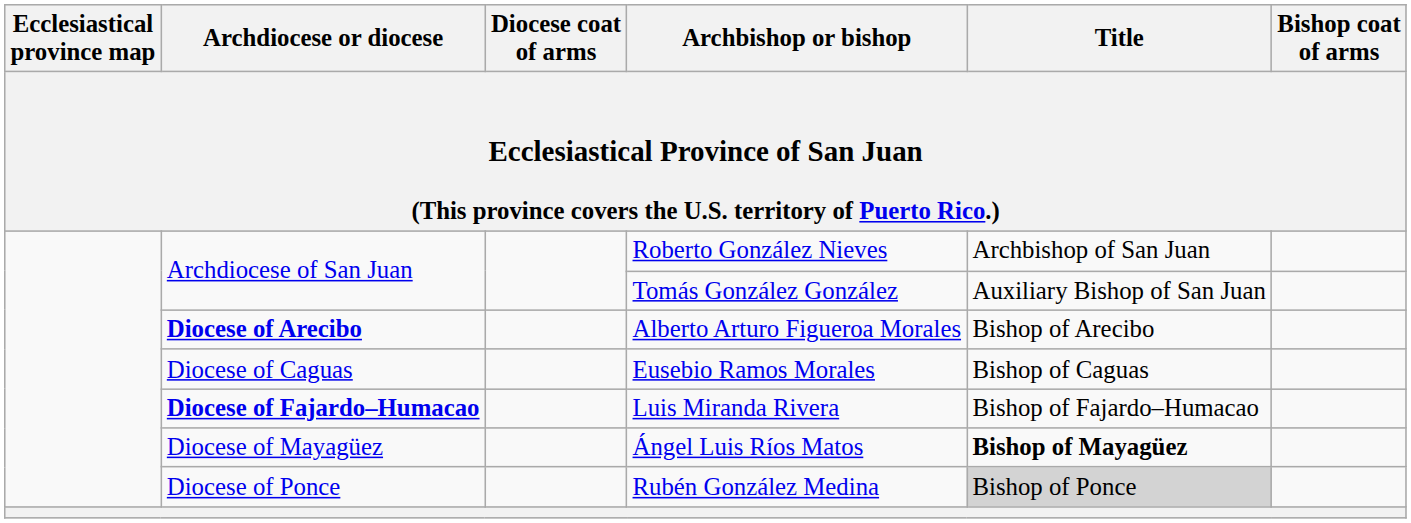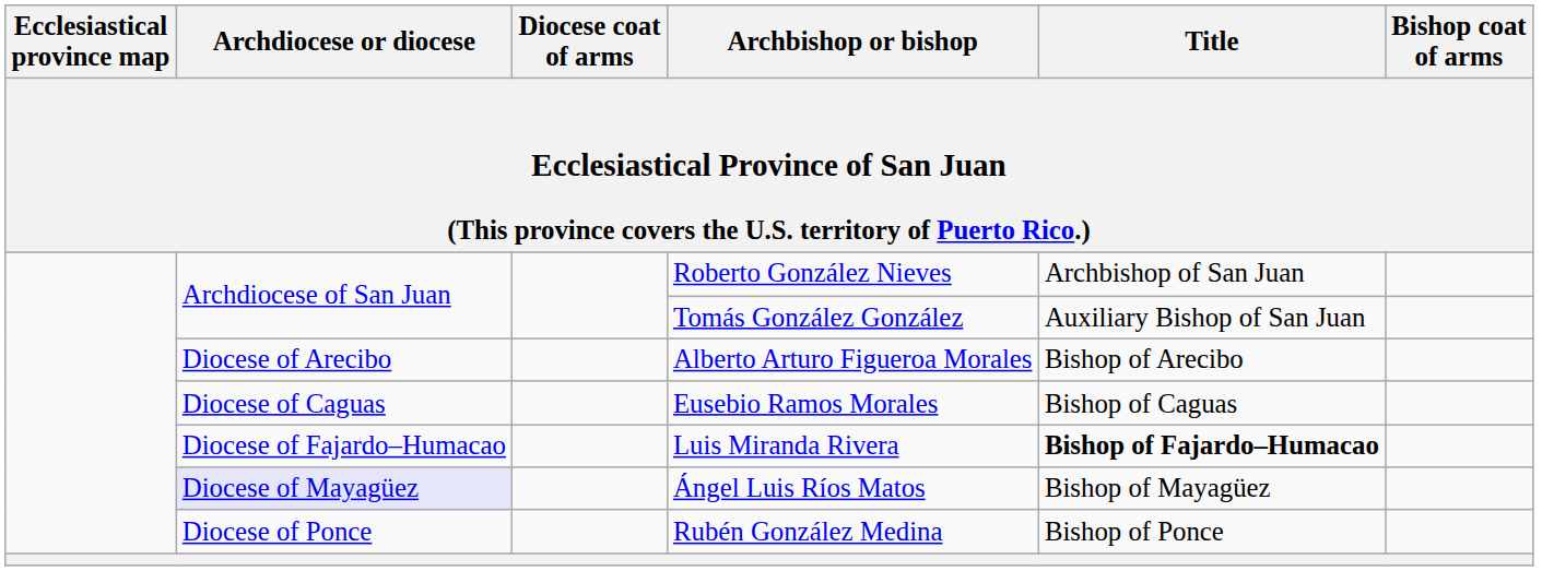 <table class="wikitable sortable">
 <tr>
 <th class="unsortable">Ecclesiastical<br> province map</th>
 <th>Archdiocese or diocese</th>
 <th class="unsortable">Diocese coat<br>of arms</th>
 <th>Archbishop or bishop</th>
 <th>Title</th>
 <th class="unsortable">Bishop coat<br>of arms</th>
 </tr>
 <tr>
 <th colspan="6"><br><h3>Ecclesiastical Province of San Juan</h3>(This province covers the U.S. territory of <a href='#'>Puerto Rico</a>.)</th>
 </tr>
 <tr>
 <td rowspan="7"></td>
 <td rowspan="2"><a href='#'>Archdiocese of San Juan</a></td>
 <td rowspan="2"></td>
 <td><a href='#'>Roberto González Nieves</a></td>
 <td>Archbishop of San Juan</td>
 <td></td>
 </tr>
 <tr>
 <td><a href='#'>Tomás González González</a></td>
 <td>Auxiliary Bishop of San Juan</td>
 <td></td>
 </tr>
 <tr>
-<td><strong><a href='#'>Diocese of Arecibo</a></strong></td>
+<td><a href='#'>Diocese of Arecibo</a></td>
 <td></td>
 <td><a href='#'>Alberto Arturo Figueroa Morales</a></td>
 <td>Bishop of Arecibo</td>
 <td></td>
 </tr>
 <tr>
 <td><a href='#'>Diocese of Caguas</a></td>
 <td></td>
 <td><a href='#'>Eusebio Ramos Morales</a></td>
 <td>Bishop of Caguas</td>
 <td></td>
 </tr>
 <tr>
-<td><strong><a href='#'>Diocese of Fajardo–Humacao</a></strong></td>
+<td><a href='#'>Diocese of Fajardo–Humacao</a></td>
 <td></td>
 <td><a href='#'>Luis Miranda Rivera</a></td>
-<td>Bishop of Fajardo–Humacao</td>
+<td><strong>Bishop of Fajardo–Humacao</strong></td>
 <td></td>
 </tr>
 <tr>
-<td><a href='#'>Diocese of Mayagüez</a></td>
+<td style="background: lavender;"><a href='#'>Diocese of Mayagüez</a></td>
 <td></td>
 <td><a href='#'>Ángel Luis Ríos Matos</a></td>
-<td><strong>Bishop of Mayagüez</strong></td>
+<td>Bishop of Mayagüez</td>
 <td></td>
 </tr>
 <tr>
 <td><a href='#'>Diocese of Ponce</a></td>
 <td></td>
 <td><a href='#'>Rubén González Medina</a></td>
-<td style="background: lightgrey;">Bishop of Ponce</td>
+<td>Bishop of Ponce</td>
 <td></td>
 </tr>
 <tr>
 <th colspan="6"></th>
 </tr>
 </table>
